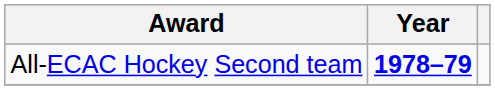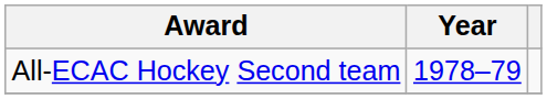 <table class="wikitable">
 <tr>
 <th>Award</th>
 <th>Year</th>
 <th></th>
 </tr>
 <tr>
 <td>All-<a href='#'>ECAC Hockey</a> <a href='#'>Second team</a></td>
-<td><strong><a href='#'>1978–79</a></strong></td>
+<td><a href='#'>1978–79</a></td>
 <td></td>
 </tr>
 <tr>
 </tr>
 </table>
